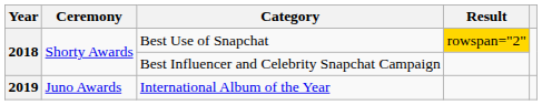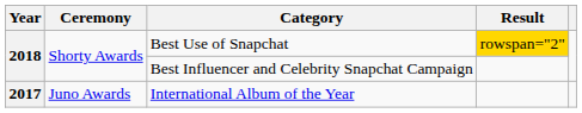 <table class="wikitable plainrowheaders">
 <tr>
 <th scope="col">Year</th>
 <th scope="col">Ceremony</th>
 <th scope="col">Category</th>
 <th scope="col">Result</th>
 <th scope="col"></th>
 </tr>
 <tr>
 <th scope="row" rowspan="2">2018</th>
 <td rowspan="2"><a href='#'>Shorty Awards</a></td>
 <td>Best Use of Snapchat</td>
 <td style="background: gold;">rowspan="2" </td>
 <td rowspan="2" style="text-align:center;"></td>
 </tr>
 <tr>
 <td>Best Influencer and Celebrity Snapchat Campaign</td>
 </tr>
 <tr>
-<th scope="row">2019</th>
+<th scope="row">2017</th>
 <td><a href='#'>Juno Awards</a></td>
 <td><a href='#'>International Album of the Year</a></td>
 <td></td>
 <td style="text-align:center;"></td>
 </tr>
 </table>
